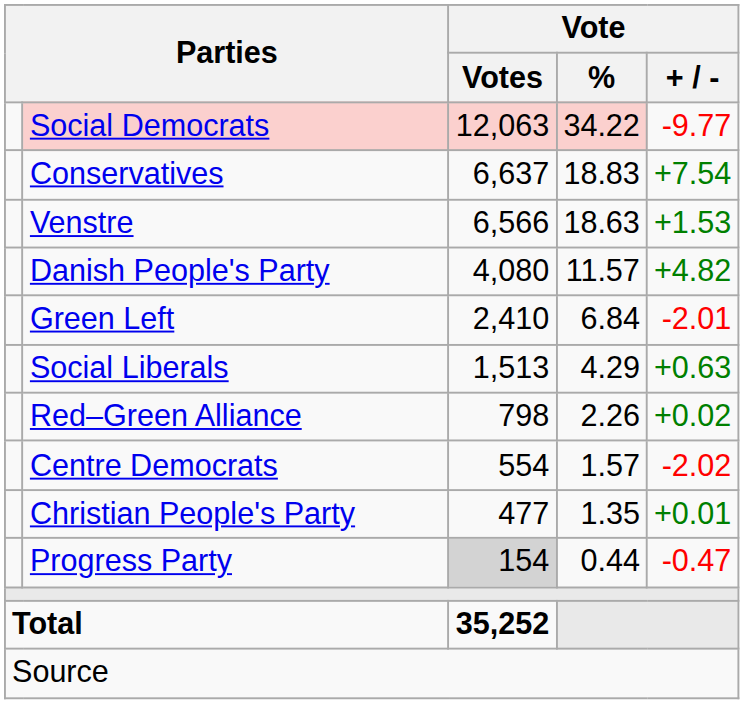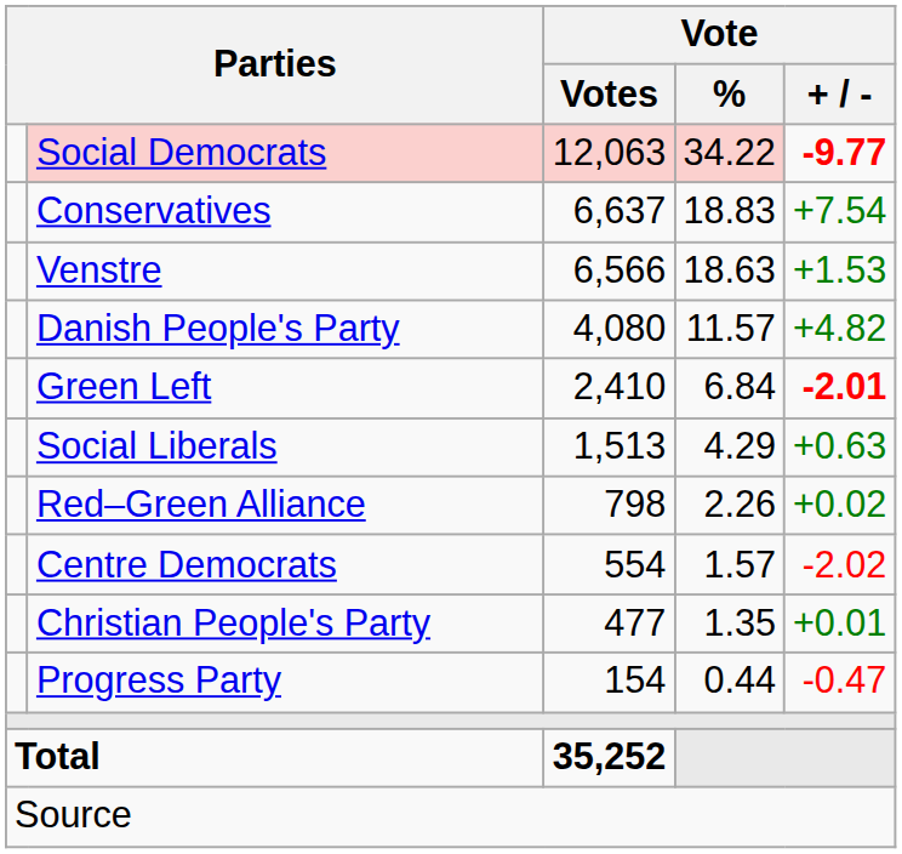 <table class="wikitable" style="text-align:right;">
 <tr>
 <th style="text-align:centre;" rowspan="2" colspan="2" width="225">Parties</th>
 <th colspan="3">Vote</th>
 </tr>
 <tr>
 <th width="15">Votes</th>
 <th width="15">%</th>
 <th width="15">+ / -</th>
 </tr>
 <tr>
 <td width="2" style="color:inherit;background:"></td>
 <td bgcolor=#fbd0ce  align="left"><a href='#'>Social Democrats</a></td>
 <td bgcolor=#fbd0ce>12,063</td>
 <td bgcolor=#fbd0ce>34.22</td>
-<td style=color:red;>-9.77</td>
+<td style=color:red;><strong>-9.77</strong></td>
 </tr>
 <tr>
 <td width="2" style="color:inherit;background:"></td>
 <td align="left"><a href='#'>Conservatives</a></td>
 <td>6,637</td>
 <td>18.83</td>
 <td style=color:green;>+7.54</td>
 </tr>
 <tr>
 <td width="2" style="color:inherit;background:"></td>
 <td align="left"><a href='#'>Venstre</a></td>
 <td>6,566</td>
 <td>18.63</td>
 <td style=color:green;>+1.53</td>
 </tr>
 <tr>
 <td width="2" style="color:inherit;background:"></td>
 <td align="left"><a href='#'>Danish People's Party</a></td>
 <td>4,080</td>
 <td>11.57</td>
 <td style=color:green;>+4.82</td>
 </tr>
 <tr>
 <td width="2" style="color:inherit;background:"></td>
 <td align="left"><a href='#'>Green Left</a></td>
 <td>2,410</td>
 <td>6.84</td>
-<td style=color:red;>-2.01</td>
+<td style=color:red;><strong>-2.01</strong></td>
 </tr>
 <tr>
 <td width="2" style="color:inherit;background:"></td>
 <td align="left"><a href='#'>Social Liberals</a></td>
 <td>1,513</td>
 <td>4.29</td>
 <td style=color:green;>+0.63</td>
 </tr>
 <tr>
 <td width="2" style="color:inherit;background:"></td>
 <td align="left"><a href='#'>Red–Green Alliance</a></td>
 <td>798</td>
 <td>2.26</td>
 <td style=color:green;>+0.02</td>
 </tr>
 <tr>
 <td width="2" style="color:inherit;background:"></td>
 <td align="left"><a href='#'>Centre Democrats</a></td>
 <td>554</td>
 <td>1.57</td>
 <td style=color:red;>-2.02</td>
 </tr>
 <tr>
 <td width="2" style="color:inherit;background:"></td>
 <td align="left"><a href='#'>Christian People's Party</a></td>
 <td>477</td>
 <td>1.35</td>
 <td style=color:green;>+0.01</td>
 </tr>
 <tr>
 <td width="2" style="color:inherit;background:"></td>
 <td align="left"><a href='#'>Progress Party</a></td>
-<td style="background: lightgrey;">154</td>
+<td>154</td>
 <td>0.44</td>
 <td style=color:red;>-0.47</td>
 </tr>
 <tr>
 <td colspan="7" bgcolor="#E9E9E9"></td>
 </tr>
 <tr>
 <td align="left" colspan="2"><strong>Total</strong></td>
 <td><strong>35,252</strong></td>
 <td bgcolor="#E9E9E9" colspan="2"></td>
 </tr>
 <tr>
 <td align="left" colspan="6">Source</td>
 </tr>
 </table>
